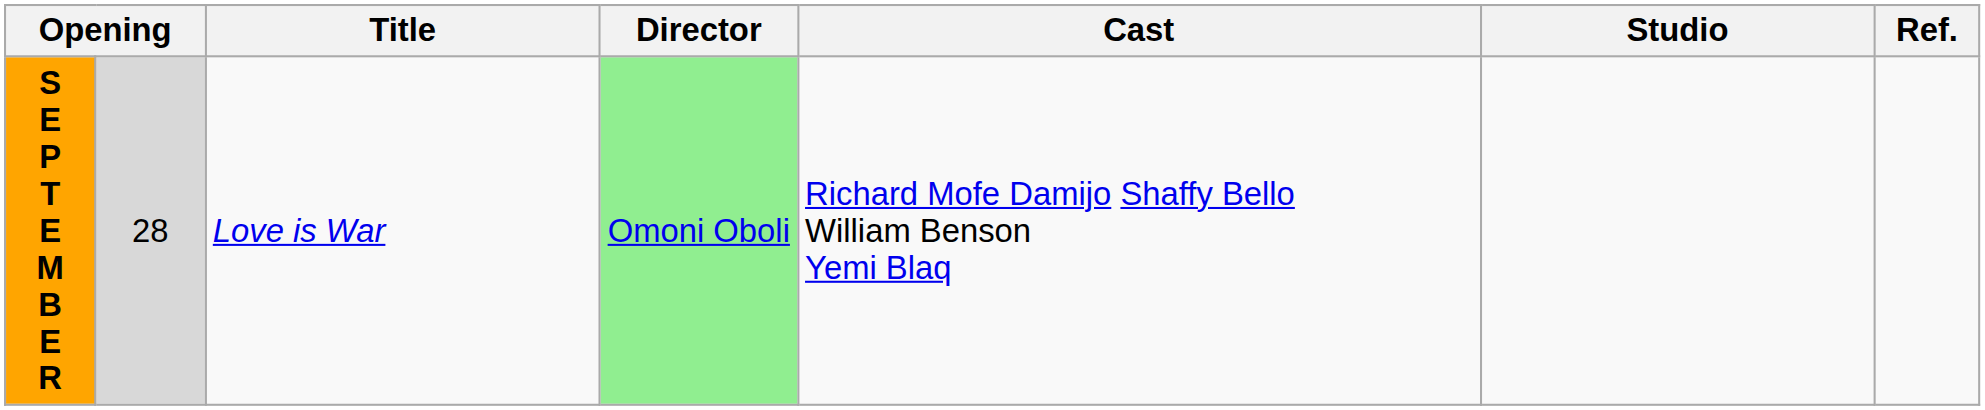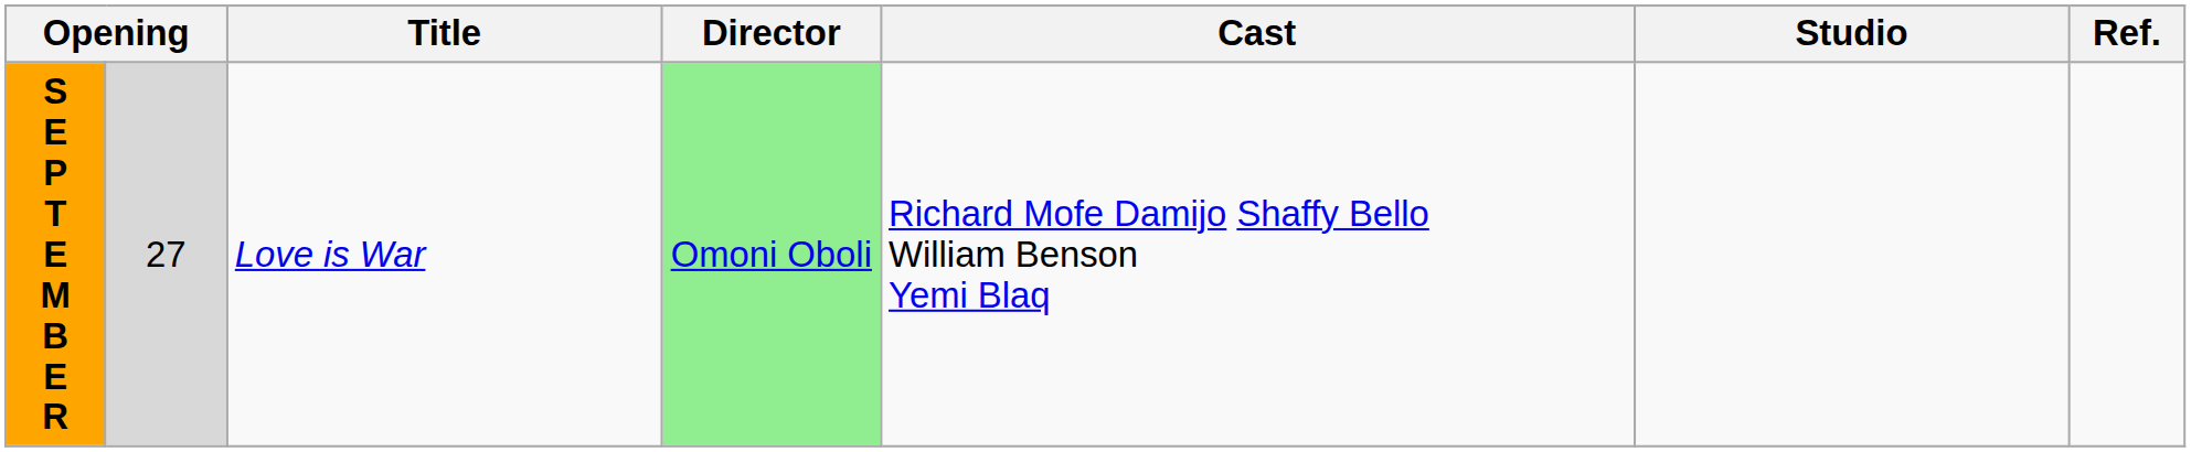 <table class="wikitable">
 <tr>
 <th colspan="2">Opening</th>
 <th style="width:20%;">Title</th>
 <th style="width:10%;">Director</th>
 <th>Cast</th>
 <th style="width:20%">Studio</th>
 <th>Ref.</th>
 </tr>
 <tr>
 <td rowspan=1 style="text-align:center; background:orange; textcolor:#000;"><strong>S<br>E<br>P<br>T<br>E<br>M<br>B<br>E<br>R</strong></td>
-<td rowspan=1 style="text-align:center; background:#d8d8d8; textcolor:#000;">28</td>
+<td rowspan=1 style="text-align:center; background:#d8d8d8; textcolor:#000;">27</td>
 <td><em><a href='#'>Love is War</a></em></td>
 <td style="background: lightgreen;"><a href='#'>Omoni Oboli</a></td>
 <td><a href='#'>Richard Mofe Damijo</a> <a href='#'>Shaffy Bello</a><br>William Benson<br><a href='#'>Yemi Blaq</a></td>
 <td></td>
 <td></td>
 </tr>
 </table>
